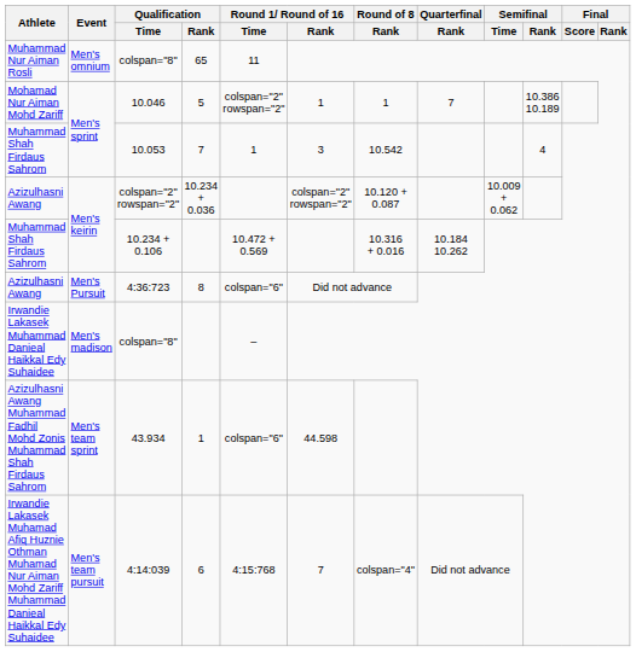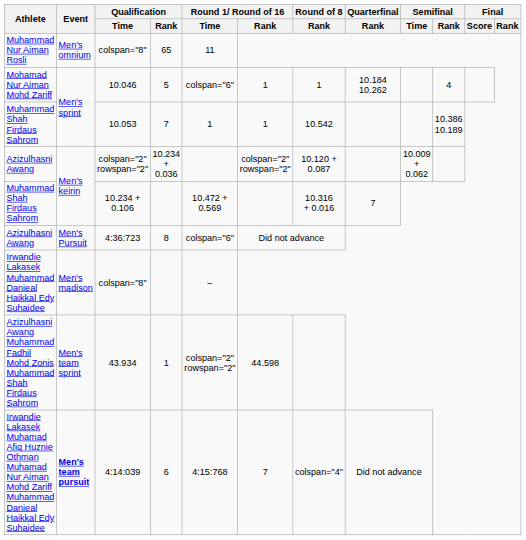 <table class=wikitable style="font-size:90%; text-align:center">
 <tr>
 <th rowspan="2">Athlete</th>
 <th rowspan="2">Event</th>
 <th colspan="2">Qualification</th>
 <th colspan="2">Round 1/ Round of 16</th>
 <th>Round of 8</th>
 <th>Quarterfinal</th>
 <th colspan="2">Semifinal</th>
 <th colspan="2">Final</th>
 </tr>
 <tr>
 <th>Time</th>
 <th>Rank</th>
 <th>Time</th>
 <th>Rank</th>
 <th>Rank</th>
 <th>Rank</th>
 <th>Time</th>
 <th>Rank</th>
 <th>Score</th>
 <th>Rank</th>
 </tr>
 <tr>
 <td align=left><a href='#'>Muhammad Nur Aiman Rosli</a></td>
 <td align=left><a href='#'>Men's omnium</a></td>
 <td>colspan="8" </td>
 <td>65</td>
 <td>11</td>
 </tr>
 <tr>
 <td align=left><a href='#'>Mohamad Nur Aiman Mohd Zariff</a></td>
 <td align=left rowspan="2"><a href='#'>Men's sprint</a></td>
 <td>10.046</td>
 <td>5 <strong></strong></td>
-<td>colspan="2" rowspan="2" </td>
+<td>colspan="6" </td>
 <td>1 <strong></strong></td>
 <td>1 <strong></strong></td>
-<td>7</td>
+<td>10.184<br>10.262</td>
 <td><strong></strong></td>
-<td>10.386 <br> 10.189</td>
+<td>4</td>
 <td></td>
 </tr>
 <tr>
 <td align=left><a href='#'>Muhammad Shah Firdaus Sahrom</a></td>
 <td>10.053</td>
 <td>7 <strong></strong></td>
 <td>1 <strong></strong></td>
-<td>3 <strong></strong></td>
+<td>1 <strong></strong></td>
 <td>10.542</td>
 <td><strong></strong></td>
 <td></td>
-<td>4</td>
+<td>10.386 <br> 10.189</td>
 </tr>
 <tr>
 <td align=left><a href='#'>Azizulhasni Awang</a></td>
 <td align=left rowspan="2"><a href='#'>Men's keirin</a></td>
 <td>colspan="2" rowspan="2" </td>
 <td>10.234 + 0.036</td>
 <td><strong></strong></td>
 <td>colspan="2" rowspan="2" </td>
 <td>10.120 + 0.087</td>
 <td><strong></strong></td>
 <td>10.009 + 0.062</td>
 <td></td>
 </tr>
 <tr>
 <td align=left><a href='#'>Muhammad Shah Firdaus Sahrom</a></td>
 <td>10.234 + 0.106</td>
 <td><strong></strong></td>
 <td>10.472 + 0.569</td>
 <td><strong></strong></td>
 <td>10.316<br>+ 0.016</td>
-<td>10.184<br>10.262</td>
+<td>7</td>
 </tr>
 <tr>
 <td align=left><a href='#'>Azizulhasni Awang</a></td>
 <td align=left><a href='#'>Men's Pursuit</a></td>
 <td>4:36:723</td>
 <td>8</td>
 <td>colspan="6" </td>
 <td colspan="2">Did not advance</td>
 </tr>
 <tr>
 <td align=left><a href='#'>Irwandie Lakasek</a><br><a href='#'>Muhammad Danieal Haikkal Edy Suhaidee</a></td>
 <td align=left><a href='#'>Men's madison</a></td>
 <td>colspan="8" </td>
 <td><strong></strong></td>
 <td>–</td>
 </tr>
 <tr>
 <td align=left><a href='#'>Azizulhasni Awang</a><br><a href='#'>Muhammad Fadhil Mohd Zonis</a><br><a href='#'>Muhammad Shah Firdaus Sahrom</a></td>
 <td align=left><a href='#'>Men's team sprint</a></td>
 <td>43.934</td>
 <td>1 <strong></strong></td>
-<td>colspan="6" </td>
+<td>colspan="2" rowspan="2" </td>
 <td>44.598</td>
 <td></td>
 </tr>
 <tr>
 <td align=left><a href='#'>Irwandie Lakasek</a><br><a href='#'>Muhamad Afiq Huznie Othman</a><br><a href='#'>Muhamad Nur Aiman Mohd Zariff</a><br><a href='#'>Muhammad Danieal Haikkal Edy Suhaidee</a></td>
-<td align=left><a href='#'>Men's team pursuit</a></td>
+<td align=left><strong><a href='#'>Men's team pursuit</a></strong></td>
 <td>4:14:039</td>
 <td>6 <strong></strong></td>
 <td>4:15:768</td>
 <td>7</td>
 <td>colspan="4" </td>
 <td colspan="2">Did not advance</td>
 </tr>
 </table>
